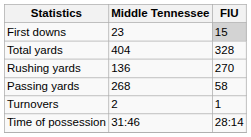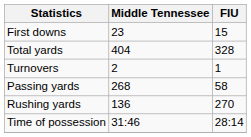 <table class="wikitable">
 <tr>
 <th>Statistics</th>
 <th>Middle Tennessee</th>
 <th>FIU</th>
 </tr>
 <tr>
 <td>First downs</td>
 <td>23</td>
-<td style="background: lightgrey;">15</td>
+<td>15</td>
 </tr>
 <tr>
 <td>Total yards</td>
 <td>404</td>
 <td>328</td>
 </tr>
 <tr>
-<td>Rushing yards</td>
-<td>136</td>
-<td>270</td>
+<td>Turnovers</td>
+<td>2</td>
+<td>1</td>
 </tr>
 <tr>
 <td>Passing yards</td>
 <td>268</td>
 <td>58</td>
 </tr>
 <tr>
-<td>Turnovers</td>
-<td>2</td>
-<td>1</td>
+<td>Rushing yards</td>
+<td>136</td>
+<td>270</td>
 </tr>
 <tr>
 <td>Time of possession</td>
 <td>31:46</td>
 <td>28:14</td>
 </tr>
 <tr>
 </tr>
 </table>
